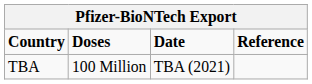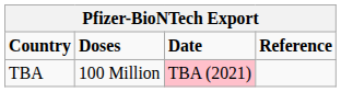 <table class="wikitable">
 <tr>
 <th colspan="4">Pfizer-BioNTech Export</th>
 </tr>
 <tr>
 <td><strong>Country</strong></td>
 <td><strong>Doses</strong></td>
 <td><strong>Date</strong></td>
 <td><strong>Reference</strong></td>
 </tr>
 <tr>
 <td>TBA</td>
 <td>100 Million</td>
-<td>TBA (2021)</td>
+<td style="background: pink;">TBA (2021)</td>
 <td></td>
 </tr>
 </table>
